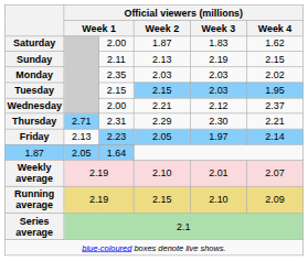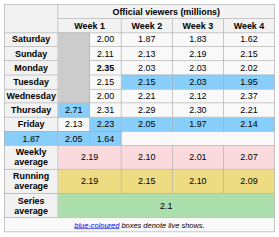 <table class="wikitable" style="font-size:90%; text-align:center; width: 70%; margin-left: auto; margin-right: auto;">
 <tr>
 <th scope="col" rowspan="2" style="width:17%;"></th>
 <th scope=col colspan=5>Official viewers (millions)</th>
 </tr>
 <tr>
 <th colspan="2">Week 1</th>
 <th>Week 2</th>
 <th>Week 3</th>
 <th>Week 4</th>
 </tr>
 <tr>
 <th>Saturday</th>
 <td style="background:#ccc;" rowspan="5"></td>
 <td>2.00</td>
 <td>1.87</td>
 <td>1.83</td>
 <td>1.62</td>
 </tr>
 <tr>
 <th>Sunday</th>
 <td>2.11</td>
 <td>2.13</td>
 <td>2.19</td>
 <td>2.15</td>
 </tr>
 <tr>
 <th>Monday</th>
-<td>2.35</td>
+<td><strong>2.35</strong></td>
 <td>2.03</td>
 <td>2.03</td>
 <td>2.02</td>
 </tr>
 <tr>
 <th>Tuesday</th>
 <td>2.15</td>
 <td style="background:#87CEFA;">2.15</td>
 <td style="background:#87CEFA;">2.03</td>
 <td style="background:#87CEFA;">1.95</td>
 </tr>
 <tr>
 <th>Wednesday</th>
 <td>2.00</td>
 <td>2.21</td>
 <td>2.12</td>
 <td>2.37</td>
 </tr>
 <tr>
 <th>Thursday</th>
 <td style="background:#87CEFA;">2.71</td>
 <td>2.31</td>
 <td>2.29</td>
 <td>2.30</td>
 <td>2.21</td>
 </tr>
 <tr>
 <th rowspan="2">Friday</th>
 <td rowspan="2">2.13</td>
 <td style="background:#87CEFA;">2.23</td>
 <td style="background:#87CEFA;">2.05</td>
 <td style="background:#87CEFA;">1.97</td>
 <td rowspan="2" style="background:#87CEFA;">2.14</td>
 </tr>
 <tr style="background:#FADADD;" |>
 </tr>
 <tr>
 <td style="background:#87CEFA;">1.87</td>
 <td style="background:#87CEFA;">2.05</td>
 <td style="background:#87CEFA;">1.64</td>
 </tr>
 <tr style="background:#FADADD;" |>
 <th>Weekly average</th>
 <td colspan="2">2.19</td>
 <td>2.10</td>
 <td>2.01</td>
 <td>2.07</td>
 </tr>
 <tr style="background:#EEDC82;" |>
 <th>Running average</th>
 <td colspan="2">2.19</td>
 <td>2.15</td>
 <td>2.10</td>
 <td>2.09</td>
 </tr>
 <tr style="background:#ADDFAD;" |>
 <th>Series average</th>
 <td colspan="5">2.1</td>
 </tr>
 <tr>
 <td colspan=6><small><em><a href='#'>blue-coloured</a> boxes denote live shows.</em></small></td>
 </tr>
 </table>
